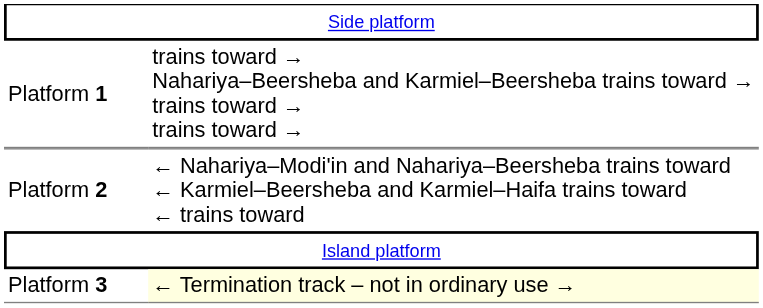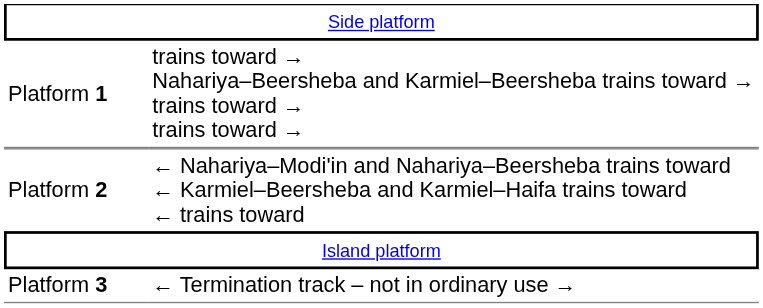 <table border=0 cellspacing=0 cellpadding=3>
 <tr>
 <td style="border-top:solid 1-x black;border-top:solid 1px black;border-right:solid 2px black;border-left:solid 2px black;border-bottom:solid 2px black;text-align:center;" colspan=2><small><a href='#'>Side platform</a></small></td>
 </tr>
 <tr>
 <td style="border-bottom:solid 1px gray;" width=100>Platform <strong>1</strong></td>
 <td style="border-bottom:solid 1px gray;">  trains toward   →<br>   Nahariya–Beersheba and Karmiel–Beersheba trains toward   →<br>  trains toward   →<br>  trains toward   →</td>
 </tr>
 <tr>
 <td style="border-top:solid 1px gray;">Platform <strong>2</strong></td>
 <td style="border-top:solid 1px gray;">←   Nahariya–Modi'in and Nahariya–Beersheba trains toward  <br>←   Karmiel–Beersheba and Karmiel–Haifa trains toward  <br>←  trains toward  </td>
 </tr>
 <tr>
 <td style="border-top:solid 2px black;border-right:solid 2px black;border-left:solid 2px black;border-bottom:solid 2px black;text-align:center;" colspan=2><small><a href='#'>Island platform</a></small></td>
 </tr>
 <tr>
 <td style="border-bottom:solid 1px gray;">Platform <strong>3</strong></td>
-<td style="background: lightyellow; border-bottom:solid 1px gray;">← Termination track – not in ordinary use →</td>
+<td style="border-bottom:solid 1px gray;">← Termination track – not in ordinary use →</td>
 </tr>
 </table>
